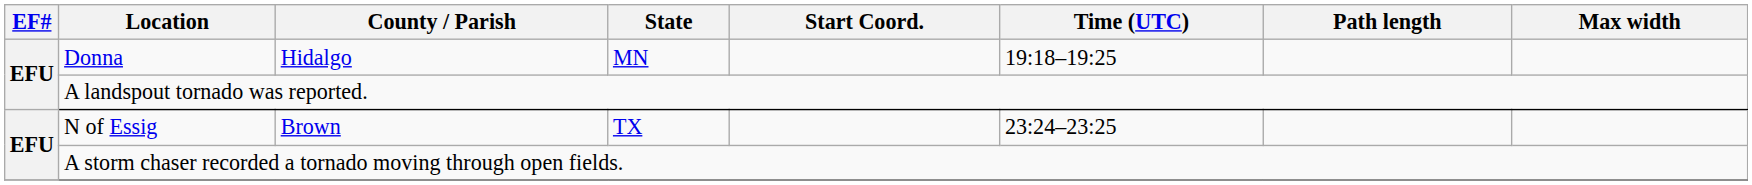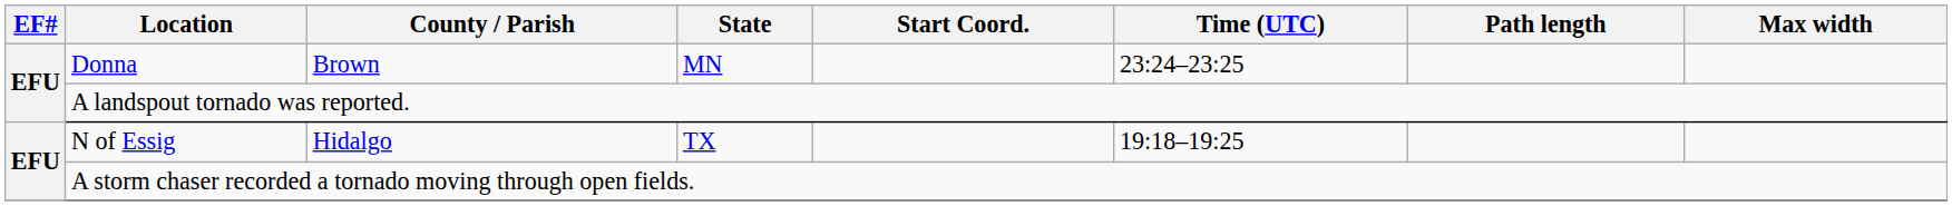 <table class="wikitable sortable" style="width:100%;">
 <tr>
 <th scope="col" width="2%" align="center"><a href='#'>EF#</a></th>
 <th scope="col" align="center" class="unsortable">Location</th>
 <th scope="col" align="center" class="unsortable">County / Parish</th>
 <th scope="col" align="center">State</th>
 <th scope="col" align="center">Start Coord.</th>
 <th scope="col" align="center">Time (<a href='#'>UTC</a>)</th>
 <th scope="col" align="center">Path length</th>
 <th scope="col" align="center">Max width</th>
 </tr>
 <tr>
 <th scope="row" rowspan="2" style="background-color:#">EFU</th>
 <td><a href='#'>Donna</a></td>
-<td><a href='#'>Hidalgo</a></td>
+<td><a href='#'>Brown</a></td>
 <td><a href='#'>MN</a></td>
 <td></td>
-<td>19:18–19:25</td>
+<td>23:24–23:25</td>
 <td></td>
 <td></td>
 </tr>
 <tr class="expand-child">
 <td colspan="8" style=" border-bottom: 1px solid black;">A landspout tornado was reported.</td>
 </tr>
 <tr>
 <th scope="row" rowspan="2" style="background-color:#">EFU</th>
 <td>N of <a href='#'>Essig</a></td>
-<td><a href='#'>Brown</a></td>
+<td><a href='#'>Hidalgo</a></td>
 <td><a href='#'>TX</a></td>
 <td></td>
-<td>23:24–23:25</td>
+<td>19:18–19:25</td>
 <td></td>
 <td></td>
 </tr>
 <tr class="expand-child">
 <td colspan="8" style=" border-bottom: 1px solid black;">A storm chaser recorded a tornado moving through open fields.</td>
 </tr>
 <tr>
 </tr>
 </table>
